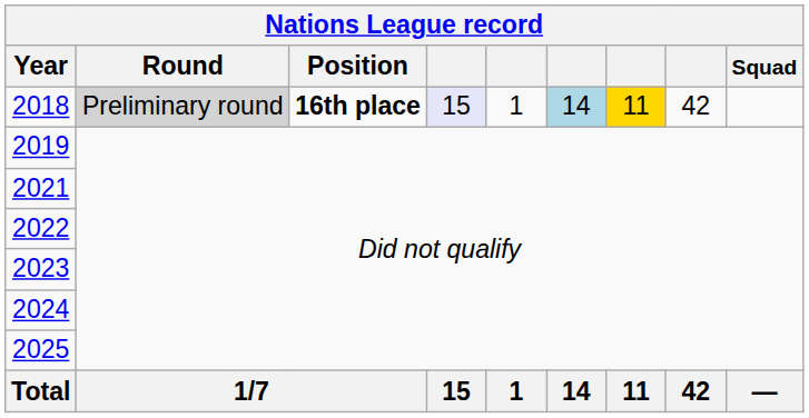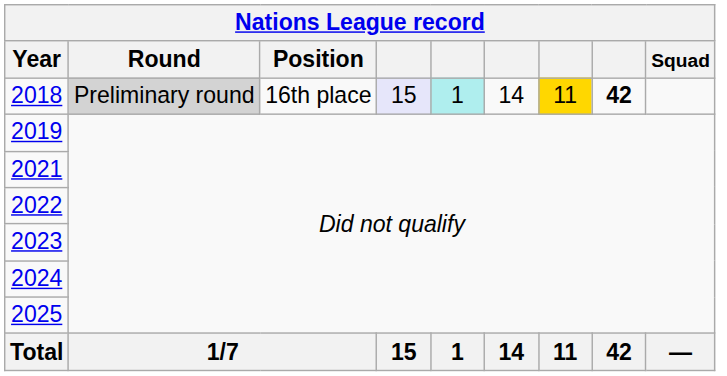 <table class="wikitable" style="text-align: center;">
 <tr>
 <th colspan=9><a href='#'>Nations League record</a></th>
 </tr>
 <tr>
 <th>Year</th>
 <th>Round</th>
 <th>Position</th>
 <th width=30></th>
 <th width=30></th>
 <th width=30></th>
 <th width=30></th>
 <th width=30></th>
 <th><small>Squad</small></th>
 </tr>
 <tr>
 <td> <a href='#'>2018</a></td>
 <td style="background: lightgrey;">Preliminary round</td>
-<td><strong>16th place</strong></td>
+<td>16th place</td>
 <td style="background: lavender;">15</td>
-<td>1</td>
-<td style="background: lightblue;">14</td>
+<td style="background: paleturquoise;">1</td>
+<td>14</td>
 <td style="background: gold;">11</td>
-<td>42</td>
+<td><strong>42</strong></td>
 <td></td>
 </tr>
 <tr>
 <td> <a href='#'>2019</a></td>
 <td colspan=8 rowspan=6><em>Did not qualify</em></td>
 </tr>
 <tr>
 <td> <a href='#'>2021</a></td>
 </tr>
 <tr>
 <td> <a href='#'>2022</a></td>
 </tr>
 <tr>
 <td> <a href='#'>2023</a></td>
 </tr>
 <tr>
 <td> <a href='#'>2024</a></td>
 </tr>
 <tr>
 <td> <a href='#'>2025</a></td>
 </tr>
 <tr>
 <th>Total</th>
 <th colspan=2>1/7</th>
 <th>15</th>
 <th>1</th>
 <th>14</th>
 <th>11</th>
 <th>42</th>
 <th>—</th>
 </tr>
 </table>
